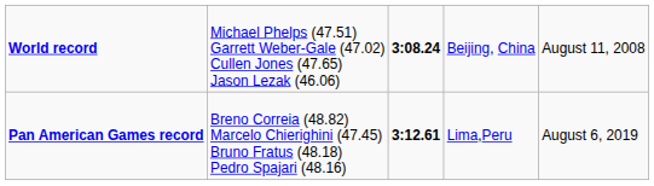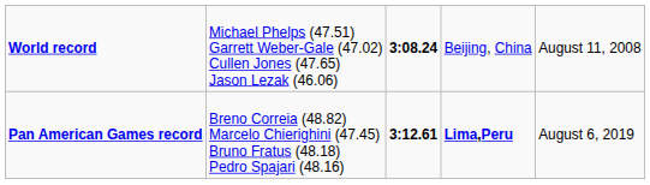 <table class="wikitable">
 <tr>
 <td><strong><a href='#'>World record</a></strong></td>
 <td><br><a href='#'>Michael Phelps</a> (47.51)<br><a href='#'>Garrett Weber-Gale</a> (47.02)<br><a href='#'>Cullen Jones</a> (47.65)<br><a href='#'>Jason Lezak</a> (46.06)</td>
 <td><strong>3:08.24</strong></td>
 <td><a href='#'>Beijing</a>, <a href='#'>China</a></td>
 <td>August 11, 2008</td>
 </tr>
 <tr>
 <td><strong><a href='#'>Pan American Games record</a></strong></td>
 <td><br><a href='#'>Breno Correia</a> (48.82)<br><a href='#'>Marcelo Chierighini</a> (47.45)<br><a href='#'>Bruno Fratus</a> (48.18)<br><a href='#'>Pedro Spajari</a> (48.16)</td>
 <td><strong>3:12.61</strong></td>
-<td><a href='#'>Lima</a>,<a href='#'>Peru</a></td>
+<td><strong><a href='#'>Lima</a>,<a href='#'>Peru</a></strong></td>
 <td>August 6, 2019</td>
 </tr>
 </table>
